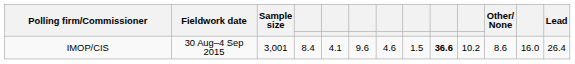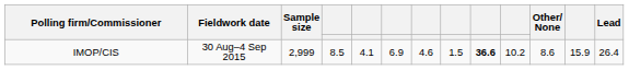 <table class="wikitable collapsible collapsed" style="text-align:center; font-size:90%; line-height:14px;">
 <tr style="height:42px;">
 <th style="width:250px;" rowspan="2">Polling firm/Commissioner</th>
 <th style="width:125px;" rowspan="2">Fieldwork date</th>
 <th style="width:50px;" rowspan="2">Sample size</th>
 <th style="width:35px;"></th>
 <th style="width:35px;"></th>
 <th style="width:35px;"></th>
 <th style="width:35px;"></th>
 <th style="width:35px;"></th>
 <th style="width:35px;"></th>
 <th style="width:35px;"></th>
 <th style="width:35px;" rowspan="2">Other/<br>None</th>
 <th style="width:35px;" rowspan="2"></th>
 <th style="width:30px;" rowspan="2">Lead</th>
 </tr>
 <tr>
 <th style="color:inherit;background:"></th>
 <th style="color:inherit;background:"></th>
 <th style="color:inherit;background:"></th>
 <th style="color:inherit;background:"></th>
 <th style="color:inherit;background:"></th>
 <th style="color:inherit;background:"></th>
 <th style="color:inherit;background:"></th>
 </tr>
 <tr>
 <td>IMOP/CIS</td>
 <td>30 Aug–4 Sep 2015</td>
-<td>3,001</td>
-<td>8.4</td>
+<td>2,999</td>
+<td>8.5</td>
 <td>4.1</td>
-<td>9.6</td>
+<td>6.9</td>
 <td>4.6</td>
 <td>1.5</td>
 <td><strong>36.6</strong></td>
 <td>10.2</td>
 <td>8.6</td>
-<td>16.0</td>
+<td>15.9</td>
 <td style="background:">26.4</td>
 </tr>
 </table>
